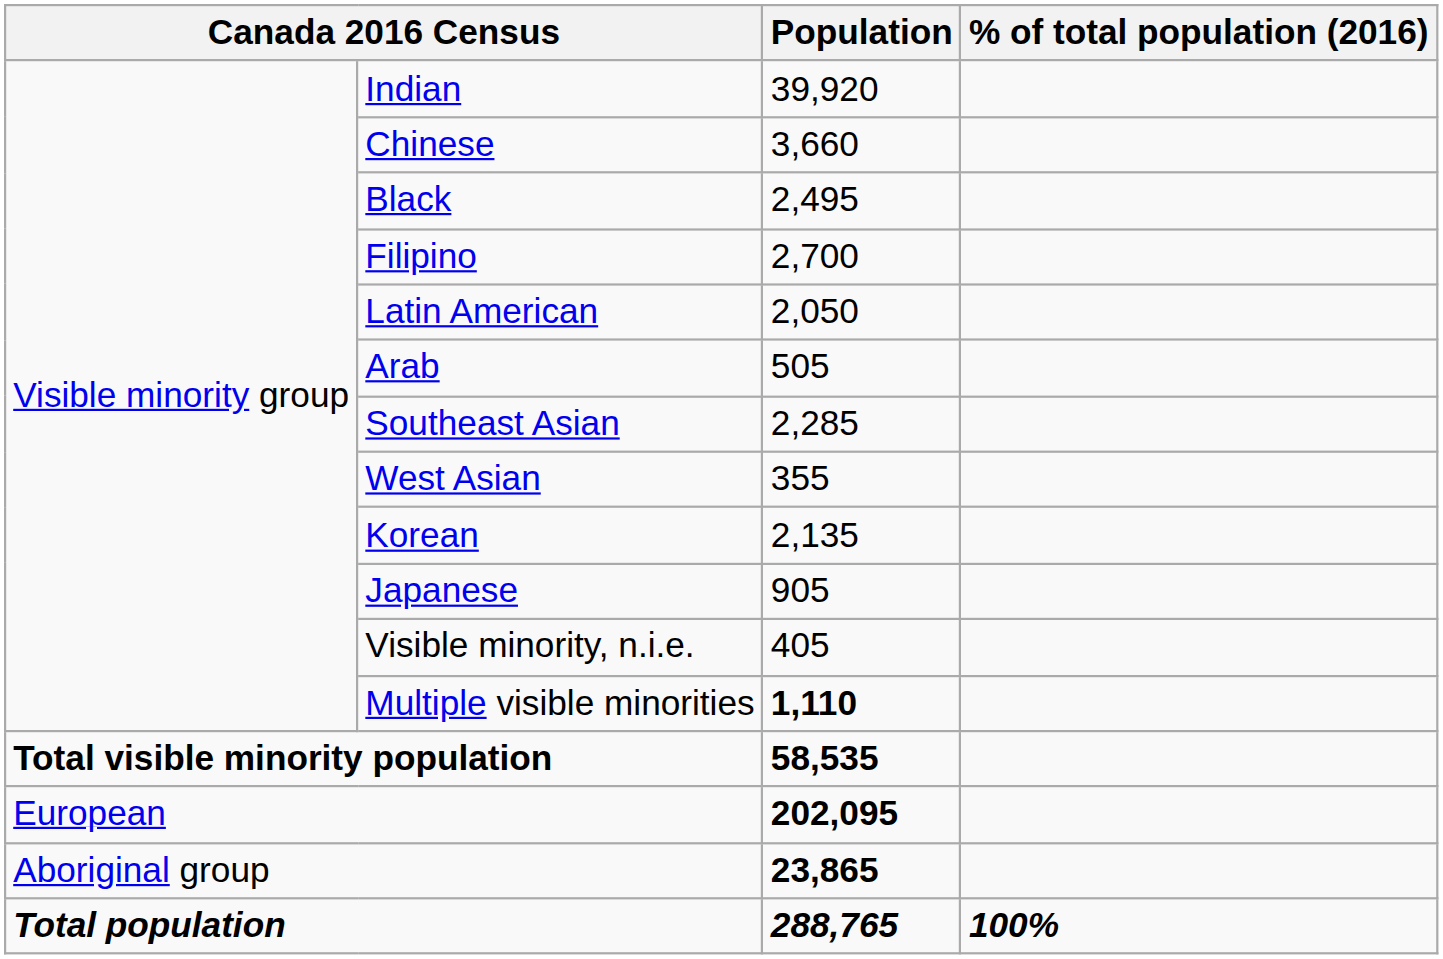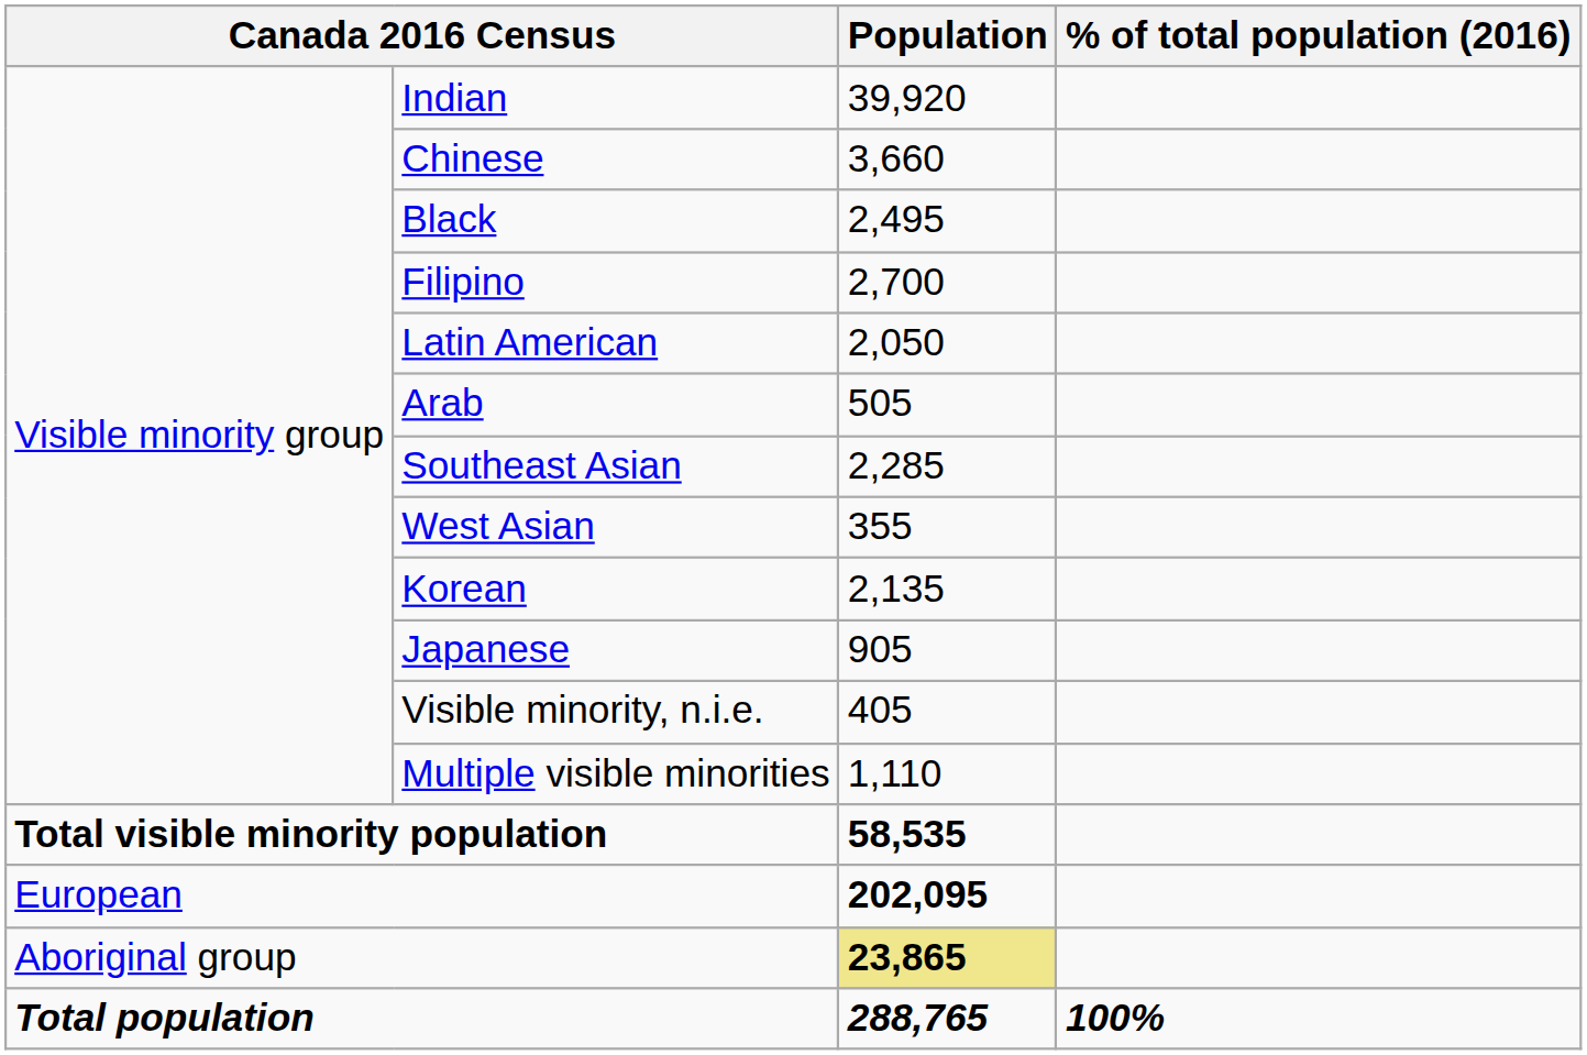 <table class="wikitable">
 <tr>
 <th colspan="2">Canada 2016 Census </th>
 <th>Population</th>
 <th>% of total population (2016)</th>
 </tr>
 <tr>
 <td rowspan="12"><a href='#'>Visible minority</a> group</td>
 <td><a href='#'>Indian</a></td>
 <td>39,920</td>
 <td></td>
 </tr>
 <tr>
 <td><a href='#'>Chinese</a></td>
 <td>3,660</td>
 <td></td>
 </tr>
 <tr>
 <td><a href='#'>Black</a></td>
 <td>2,495</td>
 <td></td>
 </tr>
 <tr>
 <td><a href='#'>Filipino</a></td>
 <td>2,700</td>
 <td></td>
 </tr>
 <tr>
 <td><a href='#'>Latin American</a></td>
 <td>2,050</td>
 <td></td>
 </tr>
 <tr>
 <td><a href='#'>Arab</a></td>
 <td>505</td>
 <td></td>
 </tr>
 <tr>
 <td><a href='#'>Southeast Asian</a></td>
 <td>2,285</td>
 <td></td>
 </tr>
 <tr>
 <td><a href='#'>West Asian</a></td>
 <td>355</td>
 <td></td>
 </tr>
 <tr>
 <td><a href='#'>Korean</a></td>
 <td>2,135</td>
 <td></td>
 </tr>
 <tr>
 <td><a href='#'>Japanese</a></td>
 <td>905</td>
 <td></td>
 </tr>
 <tr>
 <td>Visible minority, n.i.e.</td>
 <td>405</td>
 <td></td>
 </tr>
 <tr>
 <td><a href='#'>Multiple</a> visible minorities</td>
-<td><strong>1,110</strong></td>
+<td>1,110</td>
 <td></td>
 </tr>
 <tr>
 <td colspan="2"><strong>Total visible minority population</strong></td>
 <td><strong>58,535</strong></td>
 <td><strong></strong></td>
 </tr>
 <tr>
 <td colspan="2"><a href='#'>European</a></td>
 <td><strong>202,095</strong></td>
 <td><strong></strong></td>
 </tr>
 <tr>
 <td colspan="2"><a href='#'>Aboriginal</a> group</td>
-<td><strong>23,865</strong></td>
+<td style="background: khaki;"><strong>23,865</strong></td>
 <td><strong></strong></td>
 </tr>
 <tr>
 <td colspan="2"><strong><em>Total population</em></strong></td>
 <td><strong><em>288,765</em></strong></td>
 <td><strong><em>100%</em></strong></td>
 </tr>
 </table>
